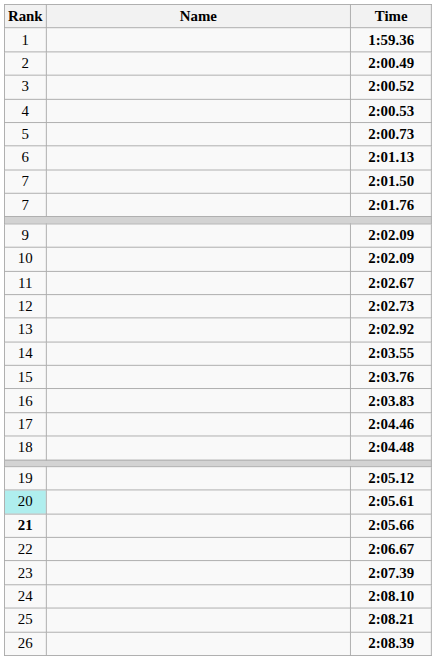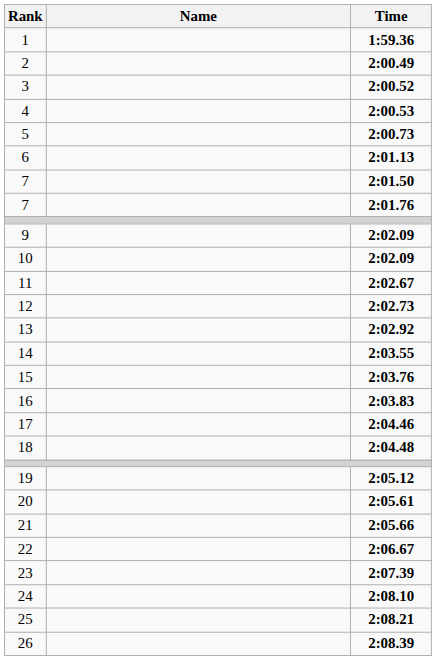 <table class="wikitable">
 <tr>
 <th>Rank</th>
 <th align="center" style="width: 20em">Name</th>
 <th align="center" style="width: 5em">Time</th>
 </tr>
 <tr>
 <td align="center">1</td>
 <td></td>
 <td align="center"><strong>1:59.36</strong></td>
 </tr>
 <tr>
 <td align="center">2</td>
 <td></td>
 <td align="center"><strong>2:00.49</strong></td>
 </tr>
 <tr>
 <td align="center">3</td>
 <td></td>
 <td align="center"><strong>2:00.52</strong></td>
 </tr>
 <tr>
 <td align="center">4</td>
 <td></td>
 <td align="center"><strong>2:00.53</strong></td>
 </tr>
 <tr>
 <td align="center">5</td>
 <td></td>
 <td align="center"><strong>2:00.73</strong></td>
 </tr>
 <tr>
 <td align="center">6</td>
 <td></td>
 <td align="center"><strong>2:01.13</strong></td>
 </tr>
 <tr>
 <td align="center">7</td>
 <td></td>
 <td align="center"><strong>2:01.50</strong></td>
 </tr>
 <tr>
 <td align="center">7</td>
 <td></td>
 <td align="center"><strong>2:01.76</strong></td>
 </tr>
 <tr>
 <td colspan=3 bgcolor=lightgray></td>
 </tr>
 <tr>
 <td align="center">9</td>
 <td></td>
 <td align="center"><strong>2:02.09</strong></td>
 </tr>
 <tr>
 <td align="center">10</td>
 <td></td>
 <td align="center"><strong>2:02.09</strong></td>
 </tr>
 <tr>
 <td align="center">11</td>
 <td></td>
 <td align="center"><strong>2:02.67</strong></td>
 </tr>
 <tr>
 <td align="center">12</td>
 <td></td>
 <td align="center"><strong>2:02.73</strong></td>
 </tr>
 <tr>
 <td align="center">13</td>
 <td></td>
 <td align="center"><strong>2:02.92</strong></td>
 </tr>
 <tr>
 <td align="center">14</td>
 <td></td>
 <td align="center"><strong>2:03.55</strong></td>
 </tr>
 <tr>
 <td align="center">15</td>
 <td></td>
 <td align="center"><strong>2:03.76</strong></td>
 </tr>
 <tr>
 <td align="center">16</td>
 <td></td>
 <td align="center"><strong>2:03.83</strong></td>
 </tr>
 <tr>
 <td align="center">17</td>
 <td></td>
 <td align="center"><strong>2:04.46</strong></td>
 </tr>
 <tr>
 <td align="center">18</td>
 <td></td>
 <td align="center"><strong>2:04.48</strong></td>
 </tr>
 <tr>
 <td colspan=3 bgcolor=lightgray></td>
 </tr>
 <tr>
 <td align="center">19</td>
 <td></td>
 <td align="center"><strong>2:05.12</strong></td>
 </tr>
 <tr>
-<td align="center" style="background: paleturquoise;">20</td>
+<td align="center">20</td>
 <td></td>
 <td align="center"><strong>2:05.61</strong></td>
 </tr>
 <tr>
-<td align="center"><strong>21</strong></td>
+<td align="center">21</td>
 <td></td>
 <td align="center"><strong>2:05.66</strong></td>
 </tr>
 <tr>
 <td align="center">22</td>
 <td></td>
 <td align="center"><strong>2:06.67</strong></td>
 </tr>
 <tr>
 <td align="center">23</td>
 <td></td>
 <td align="center"><strong>2:07.39</strong></td>
 </tr>
 <tr>
 <td align="center">24</td>
 <td></td>
 <td align="center"><strong>2:08.10</strong></td>
 </tr>
 <tr>
 <td align="center">25</td>
 <td></td>
 <td align="center"><strong>2:08.21</strong></td>
 </tr>
 <tr>
 <td align="center">26</td>
 <td></td>
 <td align="center"><strong>2:08.39</strong></td>
 </tr>
 </table>
